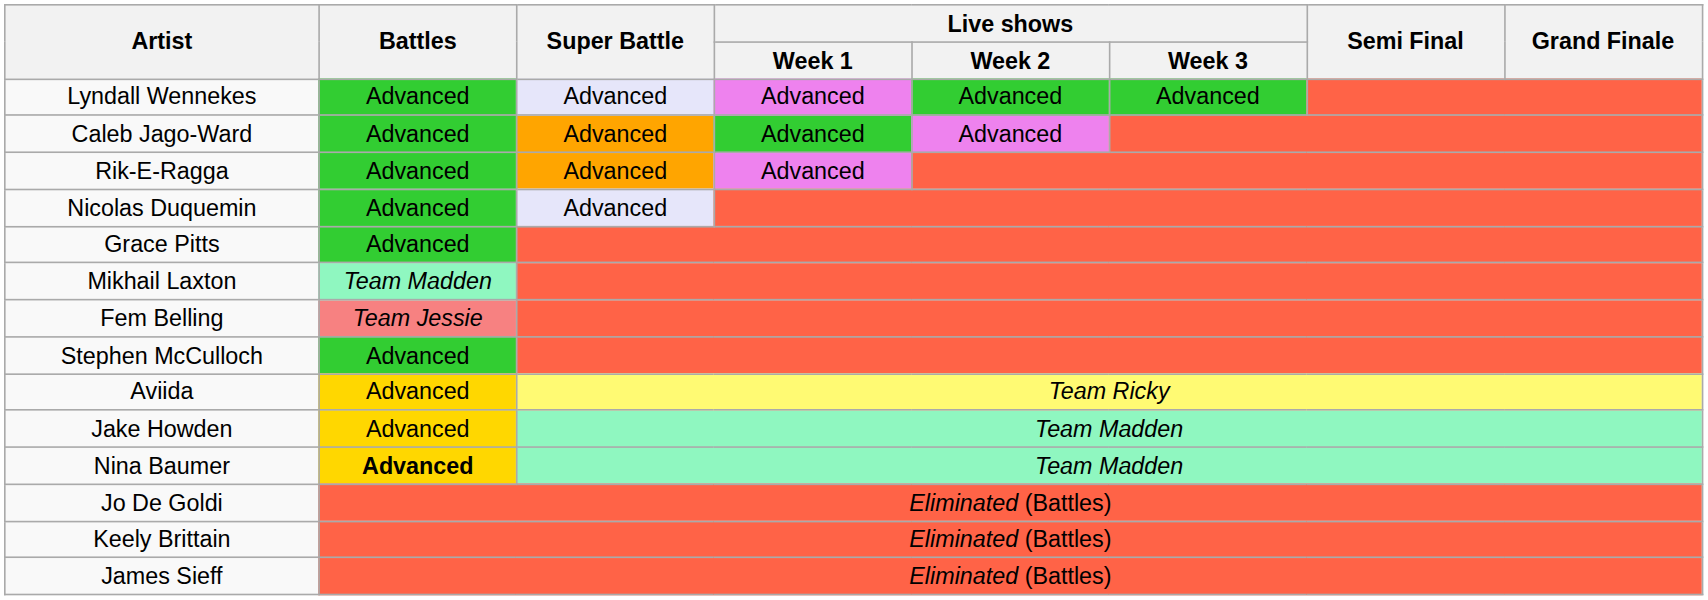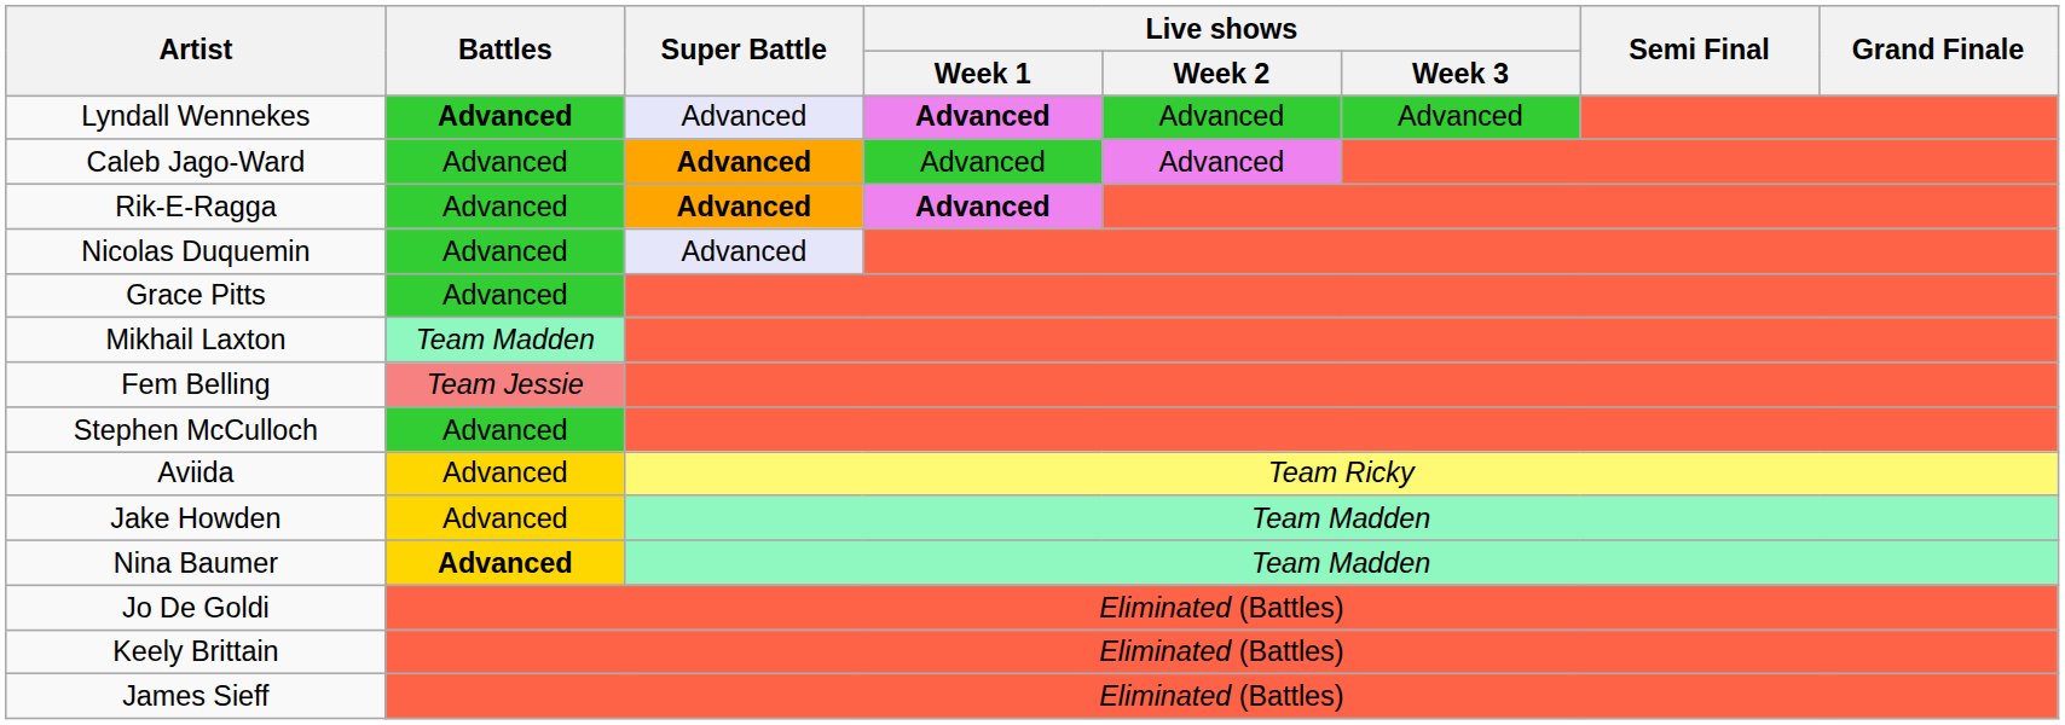 <table class="wikitable plainrowheaders"  style="text-align:center; font-size:90%;">
 <tr>
 <th rowspan="2" style="width:13em;">Artist</th>
 <th rowspan="2" style="width:8em;">Battles</th>
 <th rowspan="2" style="width:8em;">Super Battle</th>
 <th colspan="3" style="width:8em;">Live shows</th>
 <th rowspan="2" style="width:8em;">Semi Final</th>
 <th rowspan="2" style="width:8em;">Grand Finale</th>
 </tr>
 <tr>
 <th style="width:8em;">Week 1</th>
 <th style="width:8em;">Week 2</th>
 <th style="width:8em;">Week 3</th>
 </tr>
 <tr>
 <td>Lyndall Wennekes</td>
-<td bgcolor="limegreen">Advanced</td>
+<td bgcolor="limegreen"><strong>Advanced</strong></td>
 <td bgcolor="lavender">Advanced</td>
-<td bgcolor="violet">Advanced</td>
+<td bgcolor="violet"><strong>Advanced</strong></td>
 <td bgcolor="limegreen">Advanced</td>
 <td bgcolor="limegreen">Advanced</td>
 <td colspan="2" bgcolor="tomato"></td>
 </tr>
 <tr>
 <td>Caleb Jago-Ward</td>
 <td bgcolor="limegreen">Advanced</td>
-<td bgcolor="orange">Advanced</td>
+<td bgcolor="orange"><strong>Advanced</strong></td>
 <td bgcolor="limegreen">Advanced</td>
 <td bgcolor="violet">Advanced</td>
 <td colspan="3" bgcolor="tomato"></td>
 </tr>
 <tr>
 <td>Rik-E-Ragga</td>
 <td bgcolor="limegreen">Advanced</td>
-<td bgcolor="orange">Advanced</td>
-<td bgcolor="violet">Advanced</td>
+<td bgcolor="orange"><strong>Advanced</strong></td>
+<td bgcolor="violet"><strong>Advanced</strong></td>
 <td colspan="4" bgcolor="tomato"></td>
 </tr>
 <tr>
 <td>Nicolas Duquemin</td>
 <td bgcolor="limegreen">Advanced</td>
 <td bgcolor="lavender">Advanced</td>
 <td colspan="5" bgcolor="tomato"></td>
 </tr>
 <tr>
 <td>Grace Pitts</td>
 <td bgcolor="limegreen">Advanced</td>
 <td colspan="6" bgcolor="tomato"></td>
 </tr>
 <tr>
 <td>Mikhail Laxton</td>
 <td bgcolor="#8FF7C0"><em>Team Madden</em></td>
 <td colspan="6" bgcolor="tomato"></td>
 </tr>
 <tr>
 <td>Fem Belling</td>
 <td bgcolor="#f78181"><em>Team Jessie</em></td>
 <td colspan="6" bgcolor="tomato"></td>
 </tr>
 <tr>
 <td>Stephen McCulloch</td>
 <td bgcolor="limegreen">Advanced</td>
 <td colspan="6" bgcolor="tomato"></td>
 </tr>
 <tr>
 <td>Aviida</td>
 <td bgcolor="gold">Advanced</td>
 <td colspan="6" bgcolor="#fffa73"><em>Team Ricky</em></td>
 </tr>
 <tr>
 <td>Jake Howden</td>
 <td bgcolor="gold">Advanced</td>
 <td colspan="6" bgcolor="#8FF7C0"><em>Team Madden</em></td>
 </tr>
 <tr>
 <td>Nina Baumer</td>
 <td bgcolor="gold"><strong>Advanced</strong></td>
 <td colspan="6" bgcolor="#8FF7C0"><em>Team Madden</em></td>
 </tr>
 <tr>
 <td>Jo De Goldi</td>
 <td colspan="7" bgcolor="tomato"><em>Eliminated</em> (Battles)</td>
 </tr>
 <tr>
 <td>Keely Brittain</td>
 <td colspan="7" bgcolor="tomato"><em>Eliminated</em> (Battles)</td>
 </tr>
 <tr>
 <td>James Sieff</td>
 <td colspan="7" bgcolor="tomato"><em>Eliminated</em> (Battles)</td>
 </tr>
 </table>
